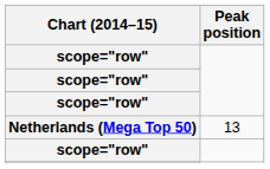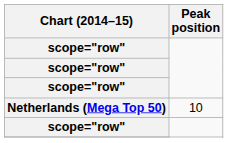 <table class="wikitable sortable plainrowheaders" style="text-align:center;">
 <tr>
 <th scope="col">Chart (2014–15)</th>
 <th scope="col">Peak<br>position</th>
 </tr>
 <tr>
 <th>scope="row"</th>
 </tr>
 <tr>
 <th>scope="row"</th>
 </tr>
 <tr>
 <th>scope="row"</th>
 </tr>
 <tr>
 <th scope="row">Netherlands (<a href='#'>Mega Top 50</a>)</th>
-<td>13</td>
+<td>10</td>
 </tr>
 <tr>
 <th>scope="row"</th>
 </tr>
 <tr>
 </tr>
 </table>
